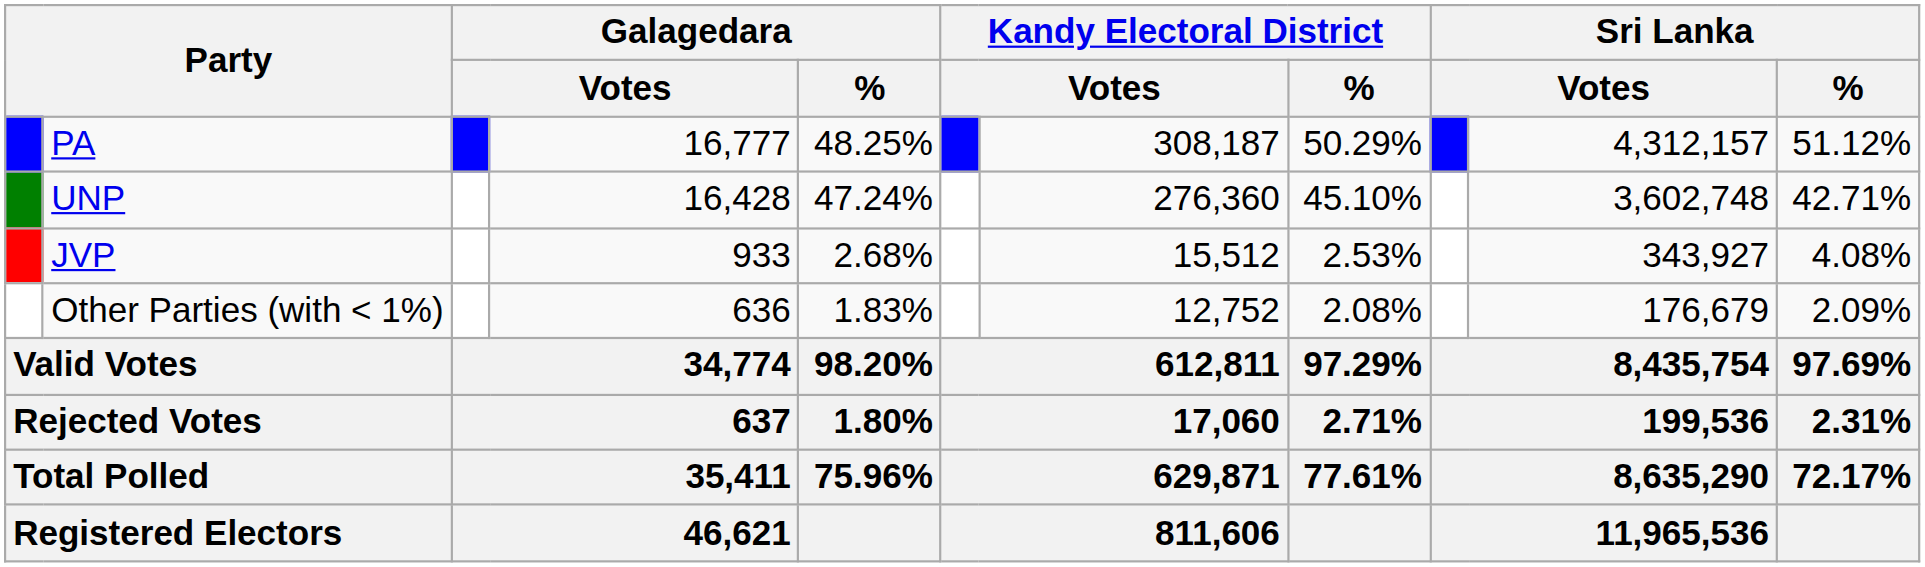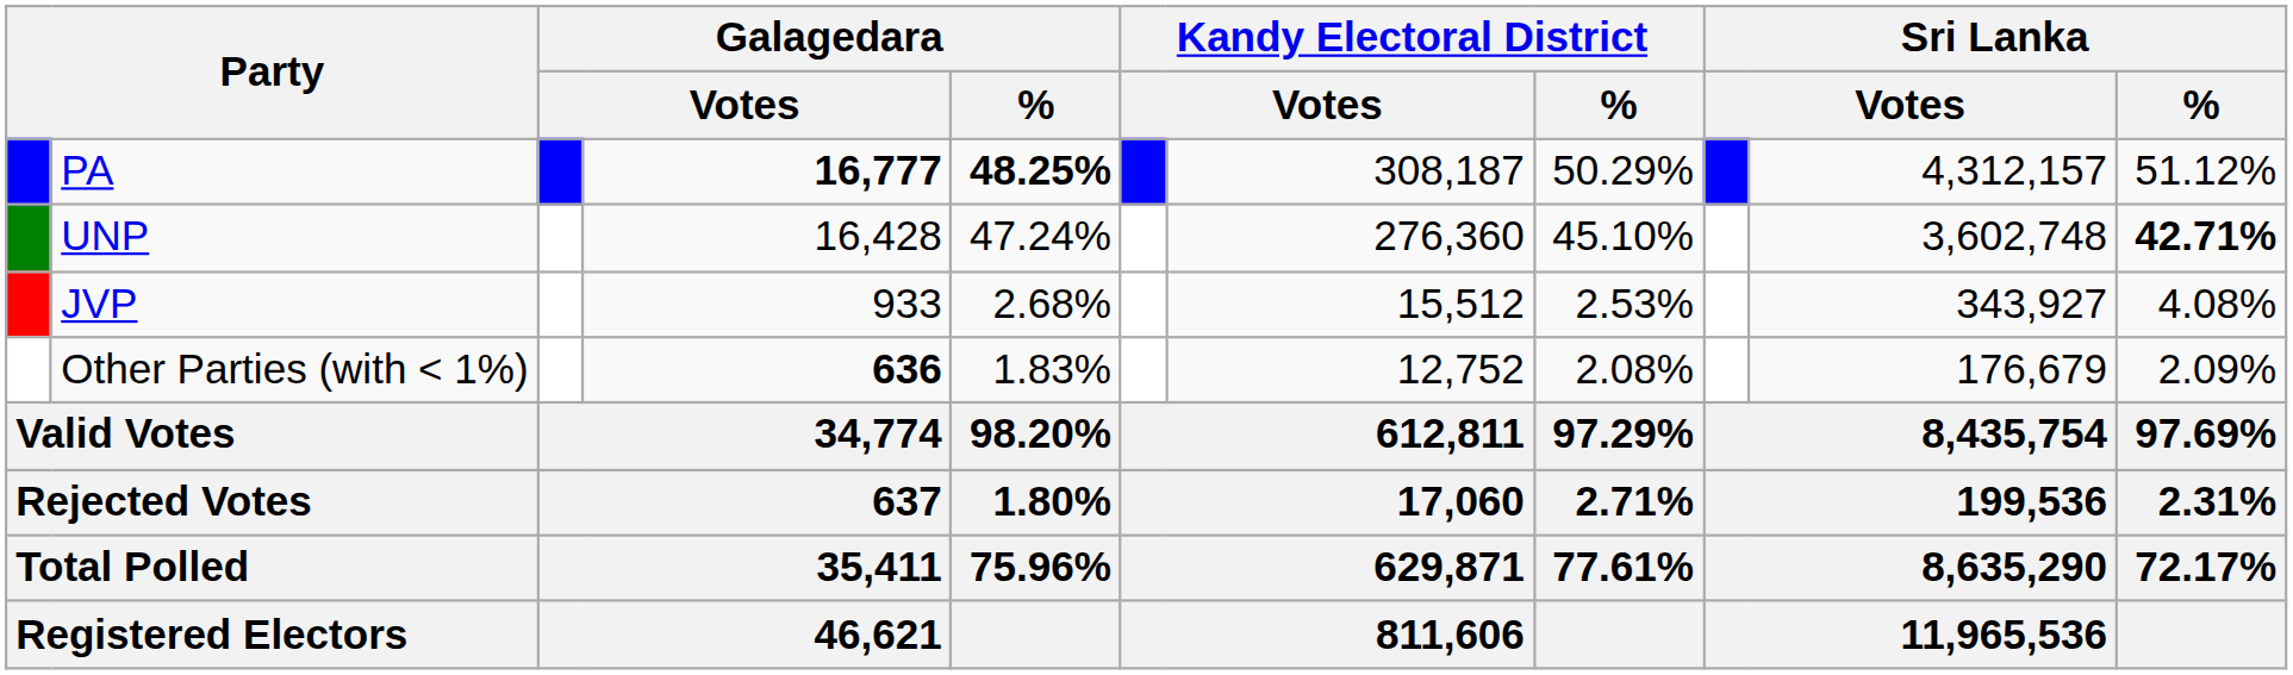 <table class="wikitable">
 <tr>
 <th colspan="2" width="144px"rowspan="2">Party</th>
 <th colspan="3" width="216px">Galagedara</th>
 <th colspan="3" width="216px"><a href='#'>Kandy Electoral District</a></th>
 <th colspan="3" width="216px">Sri Lanka</th>
 </tr>
 <tr>
 <th colspan="2" width="144px">Votes</th>
 <th>%</th>
 <th colspan="2" width="144px">Votes</th>
 <th>%</th>
 <th colspan="2" width="144px">Votes</th>
 <th>%</th>
 </tr>
 <tr>
 <td style="background-color:blue;" width="10px"></td>
 <td style="text-align:left;"><a href='#'>PA</a></td>
 <td style="background-color:blue;" width="10px"></td>
-<td style="text-align:right;">16,777</td>
-<td style="text-align:right;">48.25%</td>
+<td style="text-align:right;"><strong>16,777</strong></td>
+<td style="text-align:right;"><strong>48.25%</strong></td>
 <td style="background-color:blue;" width="10px"></td>
 <td style="text-align:right;">308,187</td>
 <td style="text-align:right;">50.29%</td>
 <td style="background-color:blue;" width="10px"></td>
 <td style="text-align:right;">4,312,157</td>
 <td style="text-align:right;">51.12%</td>
 </tr>
 <tr>
 <td style="background-color:green;" width="10px"></td>
 <td style="text-align:left;"><a href='#'>UNP</a></td>
 <td style="background-color:white;" width="10px"></td>
 <td style="text-align:right;">16,428</td>
 <td style="text-align:right;">47.24%</td>
 <td style="background-color:white;" width="10px"></td>
 <td style="text-align:right;">276,360</td>
 <td style="text-align:right;">45.10%</td>
 <td style="background-color:white;" width="10px"></td>
 <td style="text-align:right;">3,602,748</td>
-<td style="text-align:right;">42.71%</td>
+<td style="text-align:right;"><strong>42.71%</strong></td>
 </tr>
 <tr>
 <td style="background-color:red;" width="10px"></td>
 <td style="text-align:left;"><a href='#'>JVP</a></td>
 <td style="background-color:white;" width="10px"></td>
 <td style="text-align:right;">933</td>
 <td style="text-align:right;">2.68%</td>
 <td style="background-color:white;" width="10px"></td>
 <td style="text-align:right;">15,512</td>
 <td style="text-align:right;">2.53%</td>
 <td style="background-color:white;" width="10px"></td>
 <td style="text-align:right;">343,927</td>
 <td style="text-align:right;">4.08%</td>
 </tr>
 <tr>
 <td style="background-color:white;" width="10px"></td>
 <td style="text-align:left;">Other Parties (with < 1%)</td>
 <td style="background-color:white;" width="10px"></td>
-<td style="text-align:right;">636</td>
+<td style="text-align:right;"><strong>636</strong></td>
 <td style="text-align:right;">1.83%</td>
 <td style="background-color:white;" width="10px"></td>
 <td style="text-align:right;">12,752</td>
 <td style="text-align:right;">2.08%</td>
 <td style="background-color:white;" width="10px"></td>
 <td style="text-align:right;">176,679</td>
 <td style="text-align:right;">2.09%</td>
 </tr>
 <tr>
 <th colspan="2" width="144px"style="text-align:left;">Valid Votes</th>
 <th style="text-align:right;"colspan="2" width="144px">34,774</th>
 <th style="text-align:right;">98.20%</th>
 <th style="text-align:right;"colspan="2" width="144px">612,811</th>
 <th style="text-align:right;">97.29%</th>
 <th style="text-align:right;"colspan="2" width="144px">8,435,754</th>
 <th style="text-align:right;">97.69%</th>
 </tr>
 <tr>
 <th colspan="2" width="144px"style="text-align:left;">Rejected Votes</th>
 <th style="text-align:right;"colspan="2" width="144px">637</th>
 <th style="text-align:right;">1.80%</th>
 <th style="text-align:right;"colspan="2" width="144px">17,060</th>
 <th style="text-align:right;">2.71%</th>
 <th style="text-align:right;"colspan="2" width="144px">199,536</th>
 <th style="text-align:right;">2.31%</th>
 </tr>
 <tr>
 <th colspan="2" width="144px"style="text-align:left;">Total Polled</th>
 <th style="text-align:right;"colspan="2" width="144px">35,411</th>
 <th style="text-align:right;">75.96%</th>
 <th style="text-align:right;"colspan="2" width="144px">629,871</th>
 <th style="text-align:right;">77.61%</th>
 <th style="text-align:right;"colspan="2" width="144px">8,635,290</th>
 <th style="text-align:right;">72.17%</th>
 </tr>
 <tr>
 <th colspan="2" width="144px"style="text-align:left;">Registered Electors</th>
 <th style="text-align:right;"colspan="2" width="144px">46,621</th>
 <th></th>
 <th style="text-align:right;"colspan="2" width="144px">811,606</th>
 <th></th>
 <th style="text-align:right;"colspan="2" width="144px">11,965,536</th>
 <th></th>
 </tr>
 </table>
